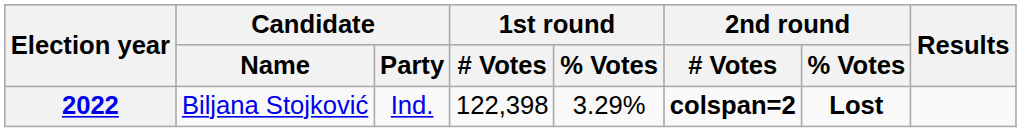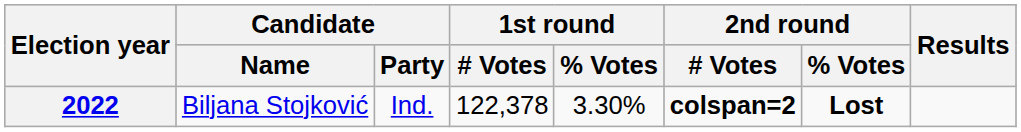 <table class="wikitable" style="text-align:center">
 <tr>
 <th rowspan=2>Election year</th>
 <th colspan=2>Candidate</th>
 <th colspan=2>1st round</th>
 <th colspan=2>2nd round</th>
 <th rowspan=2>Results</th>
 </tr>
 <tr>
 <th>Name</th>
 <th>Party</th>
 <th># Votes</th>
 <th>% Votes</th>
 <th># Votes</th>
 <th>% Votes</th>
 </tr>
 <tr>
 <th><a href='#'>2022</a></th>
 <td><a href='#'>Biljana Stojković</a></td>
 <td><a href='#'>Ind.</a></td>
-<td>122,398</td>
-<td>3.29%</td>
+<td>122,378</td>
+<td>3.30%</td>
 <td><strong>colspan=2 </strong></td>
 <td><strong>Lost</strong> </td>
 </tr>
 </table>
